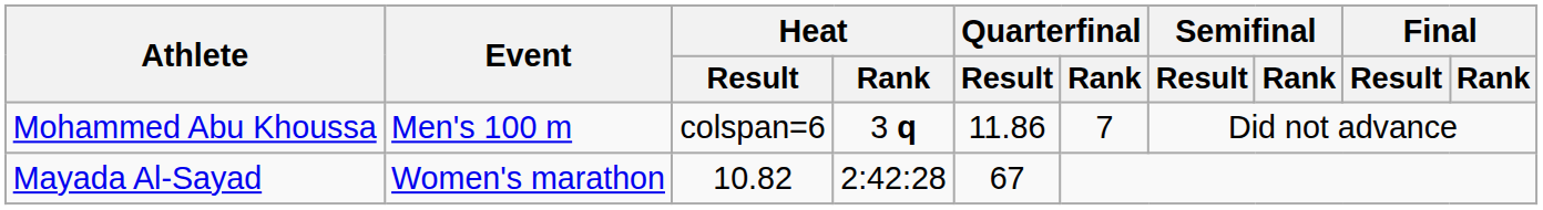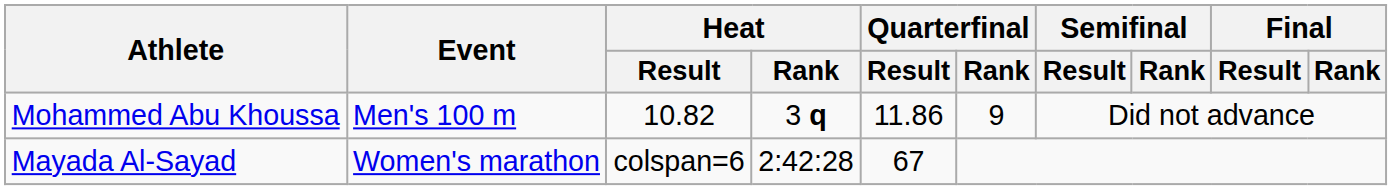 <table class="wikitable" style="font-size:90%">
 <tr>
 <th rowspan="2">Athlete</th>
 <th rowspan="2">Event</th>
 <th colspan="2">Heat</th>
 <th colspan="2">Quarterfinal</th>
 <th colspan="2">Semifinal</th>
 <th colspan="2">Final</th>
 </tr>
 <tr style="font-size:95%">
 <th>Result</th>
 <th>Rank</th>
 <th>Result</th>
 <th>Rank</th>
 <th>Result</th>
 <th>Rank</th>
 <th>Result</th>
 <th>Rank</th>
 </tr>
 <tr align=center>
 <td align=left><a href='#'>Mohammed Abu Khoussa</a></td>
 <td align=left><a href='#'>Men's 100 m</a></td>
-<td>colspan=6 </td>
+<td>10.82</td>
 <td>3 <strong>q</strong></td>
 <td>11.86</td>
-<td>7</td>
+<td>9</td>
 <td colspan=4>Did not advance</td>
 </tr>
 <tr align=center>
 <td align=left><a href='#'>Mayada Al-Sayad</a></td>
 <td align=left><a href='#'>Women's marathon</a></td>
-<td>10.82</td>
+<td>colspan=6 </td>
 <td>2:42:28</td>
 <td>67</td>
 </tr>
 </table>
